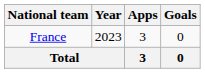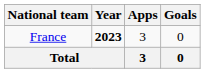 <table class="wikitable" style="text-align:center">
 <tr>
 <th>National team</th>
 <th>Year</th>
 <th>Apps</th>
 <th>Goals</th>
 </tr>
 <tr>
 <td rowspan="1"><a href='#'>France</a></td>
-<td>2023</td>
+<td><strong>2023</strong></td>
 <td>3</td>
 <td>0</td>
 </tr>
 <tr>
 <th colspan="2">Total</th>
 <th>3</th>
 <th>0</th>
 </tr>
 </table>
